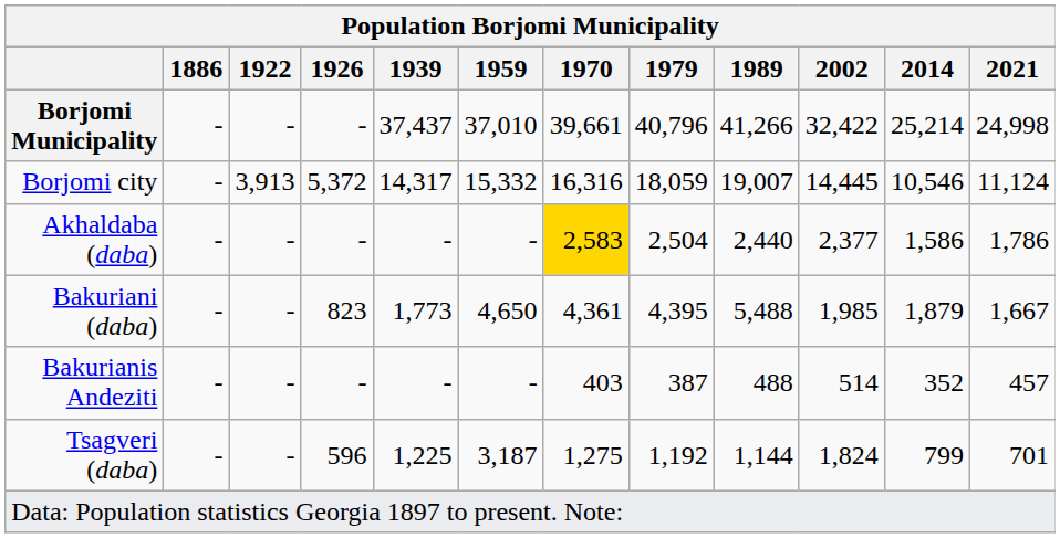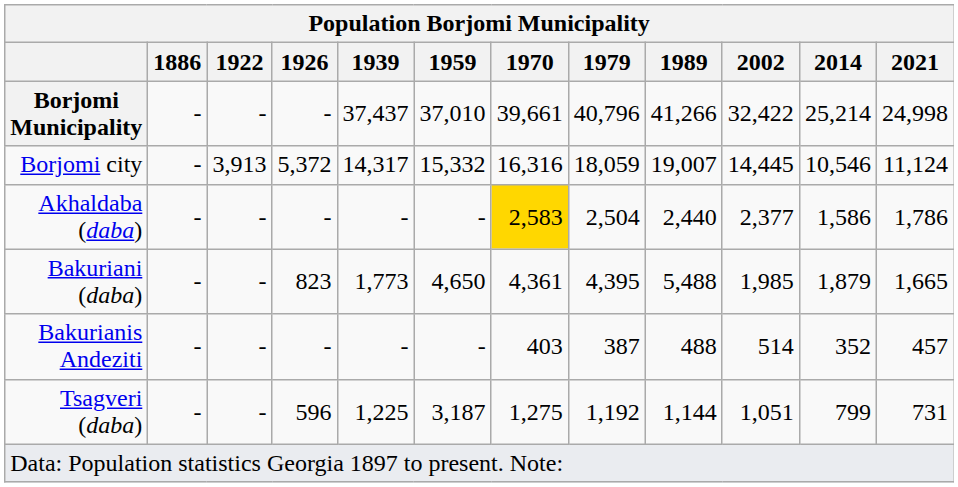 <table class="wikitable" style="text-align:right">
 <tr>
 <th colspan=19>Population Borjomi Municipality</th>
 </tr>
 <tr>
 <th></th>
 <th>1886</th>
 <th>1922</th>
 <th>1926</th>
 <th>1939</th>
 <th>1959</th>
 <th>1970</th>
 <th>1979</th>
 <th>1989</th>
 <th>2002</th>
 <th>2014</th>
 <th>2021</th>
 </tr>
 <tr>
 <th>Borjomi Municipality</th>
 <td>-</td>
 <td>-</td>
 <td>-</td>
 <td>37,437</td>
 <td> 37,010</td>
 <td> 39,661</td>
 <td> 40,796</td>
 <td> 41,266</td>
 <td> 32,422</td>
 <td> 25,214</td>
 <td> 24,998</td>
 </tr>
 <tr>
 <td><a href='#'>Borjomi</a> city</td>
 <td>-</td>
 <td> 3,913</td>
 <td> 5,372</td>
 <td> 14,317</td>
 <td> 15,332</td>
 <td> 16,316</td>
 <td> 18,059</td>
 <td> 19,007</td>
 <td> 14,445</td>
 <td> 10,546</td>
 <td> 11,124</td>
 </tr>
 <tr>
 <td><a href='#'>Akhaldaba</a> (<a href='#'><em>daba</em></a>)</td>
 <td>-</td>
 <td>-</td>
 <td>-</td>
 <td>-</td>
 <td>-</td>
 <td style="background: gold;"> 2,583</td>
 <td> 2,504</td>
 <td> 2,440</td>
 <td> 2,377</td>
 <td> 1,586</td>
 <td> 1,786</td>
 </tr>
 <tr>
 <td><a href='#'>Bakuriani</a> (<em>daba</em>)</td>
 <td>-</td>
 <td>-</td>
 <td>823</td>
 <td> 1,773</td>
 <td> 4,650</td>
 <td> 4,361</td>
 <td> 4,395</td>
 <td> 5,488</td>
 <td> 1,985</td>
 <td> 1,879</td>
-<td> 1,667</td>
+<td> 1,665</td>
 </tr>
 <tr>
 <td><a href='#'>Bakurianis Andeziti</a> </td>
 <td>-</td>
 <td>-</td>
 <td>-</td>
 <td>-</td>
 <td>-</td>
 <td>403</td>
 <td> 387</td>
 <td> 488</td>
 <td> 514</td>
 <td> 352</td>
 <td>  457</td>
 </tr>
 <tr>
 <td><a href='#'>Tsagveri</a> (<em>daba</em>)</td>
 <td>-</td>
 <td>-</td>
 <td>596</td>
 <td> 1,225</td>
 <td> 3,187</td>
 <td> 1,275</td>
 <td> 1,192</td>
 <td> 1,144</td>
-<td> 1,824</td>
+<td> 1,051</td>
 <td> 799</td>
-<td> 701</td>
+<td> 731</td>
 </tr>
 <tr>
 <td colspan=15 class="wikitable" style="align:left;text-align:left;background-color:#eaecf0">Data: Population statistics Georgia 1897 to present. Note:</td>
 </tr>
 </table>
